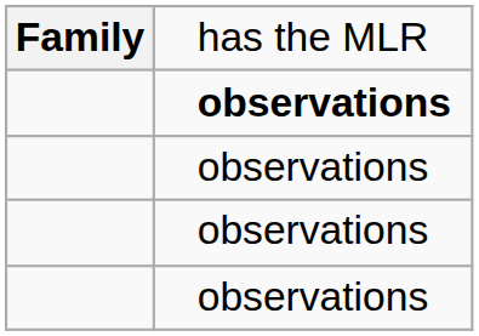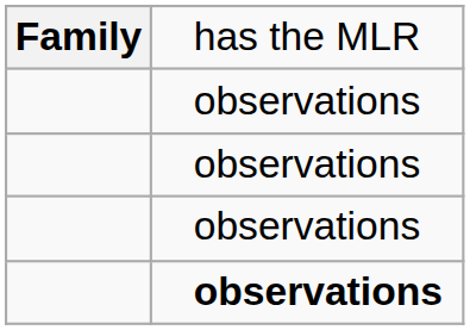 <table class="wikitable" style="margin: 1em 0 1em 0" border="1">
 <tr>
 <th>Family</th>
 <td>   has the MLR   </td>
 </tr>
 <tr>
 <td>  <a href='#'></a>   </td>
-<td><strong>   observations</strong></td>
+<td>   observations</td>
 </tr>
 <tr>
 <td>  <a href='#'></a>   </td>
 <td>   observations</td>
 </tr>
 <tr>
 <td>  <a href='#'></a>   </td>
 <td>   observations</td>
 </tr>
 <tr>
 <td>  <a href='#'></a>  </td>
-<td>   observations</td>
+<td><strong>   observations</strong></td>
 </tr>
 </table>
